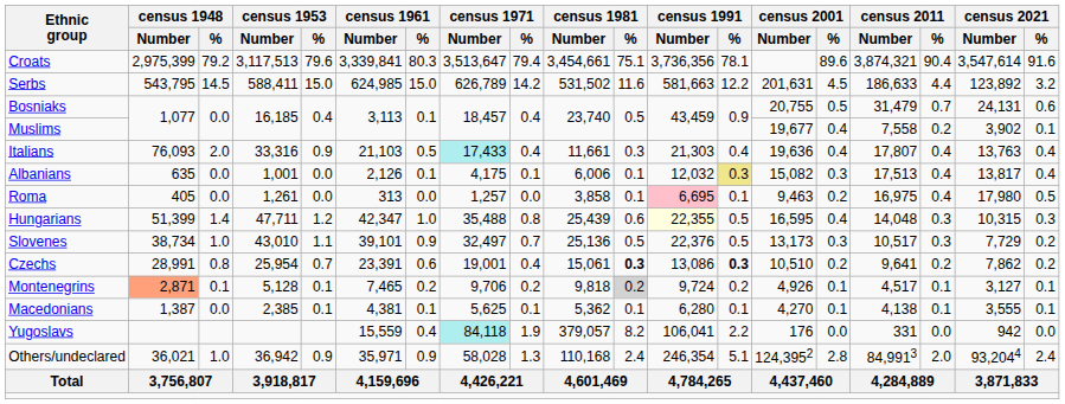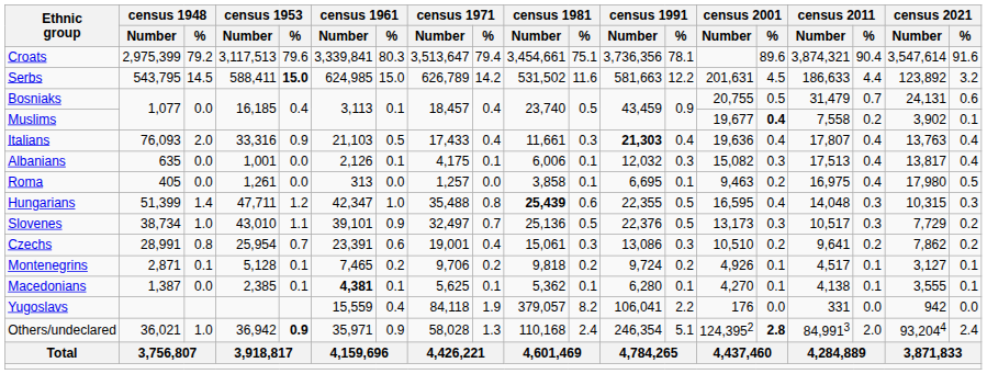 <table class="wikitable">
 <tr bgcolor="#e0e0e0">
 <th rowspan="2">Ethnic<br>group</th>
 <th colspan="2">census 1948</th>
 <th colspan="2">census 1953</th>
 <th colspan="2">census 1961</th>
 <th colspan="2">census 1971</th>
 <th colspan="2">census 1981</th>
 <th colspan="2">census 1991</th>
 <th colspan="2">census 2001</th>
 <th colspan="2">census 2011</th>
 <th colspan="2">census 2021</th>
 </tr>
 <tr bgcolor="#e0e0e0">
 <th>Number</th>
 <th>%</th>
 <th>Number</th>
 <th>%</th>
 <th>Number</th>
 <th>%</th>
 <th>Number</th>
 <th>%</th>
 <th>Number</th>
 <th>%</th>
 <th>Number</th>
 <th>%</th>
 <th>Number</th>
 <th>%</th>
 <th>Number</th>
 <th>%</th>
 <th>Number</th>
 <th>%</th>
 </tr>
 <tr>
 <td><a href='#'>Croats</a></td>
 <td align="right">2,975,399</td>
 <td align="right">79.2</td>
 <td align="right">3,117,513</td>
 <td align="right">79.6</td>
 <td align="right">3,339,841</td>
 <td align="right">80.3</td>
 <td align="right">3,513,647</td>
 <td align="right">79.4</td>
 <td align="right">3,454,661</td>
 <td align="right">75.1</td>
 <td align="right">3,736,356</td>
 <td align="right">78.1</td>
 <td align="right"></td>
 <td align="right">89.6</td>
 <td align="right">3,874,321</td>
 <td align="right">90.4</td>
 <td align="right">3,547,614</td>
 <td align="right">91.6</td>
 </tr>
 <tr>
 <td><a href='#'>Serbs</a></td>
 <td align="right">543,795</td>
 <td align="right">14.5</td>
 <td align="right">588,411</td>
-<td align="right">15.0</td>
+<td align="right"><strong>15.0</strong></td>
 <td align="right">624,985</td>
 <td align="right">15.0</td>
 <td align="right">626,789</td>
 <td align="right">14.2</td>
 <td align="right">531,502</td>
 <td align="right">11.6</td>
 <td align="right">581,663</td>
 <td align="right">12.2</td>
 <td align="right">201,631</td>
 <td align="right">4.5</td>
 <td align="right">186,633</td>
 <td align="right">4.4</td>
 <td align="right">123,892</td>
 <td align="right">3.2</td>
 </tr>
 <tr>
 <td><a href='#'>Bosniaks</a></td>
 <td align="right" rowspan="2">1,077</td>
 <td align="right" rowspan="2">0.0</td>
 <td align="right" rowspan="2">16,185</td>
 <td align="right" rowspan="2">0.4</td>
 <td align="right" rowspan="2">3,113</td>
 <td align="right" rowspan="2">0.1</td>
 <td align="right" rowspan="2">18,457</td>
 <td align="right" rowspan="2">0.4</td>
 <td align="right" rowspan="2">23,740</td>
 <td align="right" rowspan="2">0.5</td>
 <td align="right" rowspan="2">43,459</td>
 <td align="right" rowspan="2">0.9</td>
 <td align="right">20,755</td>
 <td align="right">0.5</td>
 <td align="right">31,479</td>
 <td align="right">0.7</td>
 <td align="right">24,131</td>
 <td align="right">0.6</td>
 </tr>
 <tr>
 <td><a href='#'>Muslims</a></td>
 <td align="right">19,677</td>
-<td align="right">0.4</td>
+<td align="right"><strong>0.4</strong></td>
 <td align="right">7,558</td>
 <td align="right">0.2</td>
 <td align="right">3,902</td>
 <td align="right">0.1</td>
 </tr>
 <tr>
 <td><a href='#'>Italians</a></td>
 <td align="right">76,093</td>
 <td align="right">2.0</td>
 <td align="right">33,316</td>
 <td align="right">0.9</td>
 <td align="right">21,103</td>
 <td align="right">0.5</td>
-<td align="right" style="background: paleturquoise;">17,433</td>
+<td align="right">17,433</td>
 <td align="right">0.4</td>
 <td align="right">11,661</td>
 <td align="right">0.3</td>
-<td align="right">21,303</td>
+<td align="right"><strong>21,303</strong></td>
 <td align="right">0.4</td>
 <td align="right">19,636</td>
 <td align="right">0.4</td>
 <td align="right">17,807</td>
 <td align="right">0.4</td>
 <td align="right">13,763</td>
 <td align="right">0.4</td>
 </tr>
 <tr>
 <td><a href='#'>Albanians</a></td>
 <td align="right">635</td>
 <td align="right">0.0</td>
 <td align="right">1,001</td>
 <td align="right">0.0</td>
 <td align="right">2,126</td>
 <td align="right">0.1</td>
 <td align="right">4,175</td>
 <td align="right">0.1</td>
 <td align="right">6,006</td>
 <td align="right">0.1</td>
 <td align="right">12,032</td>
-<td align="right" style="background: khaki;">0.3</td>
+<td align="right">0.3</td>
 <td align="right">15,082</td>
 <td align="right">0.3</td>
 <td align="right">17,513</td>
 <td align="right">0.4</td>
 <td align="right">13,817</td>
 <td align="right">0.4</td>
 </tr>
 <tr>
 <td><a href='#'>Roma</a></td>
 <td align="right">405</td>
 <td align="right">0.0</td>
 <td align="right">1,261</td>
 <td align="right">0.0</td>
 <td align="right">313</td>
 <td align="right">0.0</td>
 <td align="right">1,257</td>
 <td align="right">0.0</td>
 <td align="right">3,858</td>
 <td align="right">0.1</td>
-<td align="right" style="background: pink;">6,695</td>
+<td align="right">6,695</td>
 <td align="right">0.1</td>
 <td align="right">9,463</td>
 <td align="right">0.2</td>
 <td align="right">16,975</td>
 <td align="right">0.4</td>
 <td align="right">17,980</td>
 <td align="right">0.5</td>
 </tr>
 <tr>
 <td><a href='#'>Hungarians</a></td>
 <td align="right">51,399</td>
 <td align="right">1.4</td>
 <td align="right">47,711</td>
 <td align="right">1.2</td>
 <td align="right">42,347</td>
 <td align="right">1.0</td>
 <td align="right">35,488</td>
 <td align="right">0.8</td>
-<td align="right">25,439</td>
+<td align="right"><strong>25,439</strong></td>
 <td align="right">0.6</td>
-<td align="right" style="background: lightyellow;">22,355</td>
+<td align="right">22,355</td>
 <td align="right">0.5</td>
 <td align="right">16,595</td>
 <td align="right">0.4</td>
 <td align="right">14,048</td>
 <td align="right">0.3</td>
 <td align="right">10,315</td>
 <td align="right">0.3</td>
 </tr>
 <tr>
 <td><a href='#'>Slovenes</a></td>
 <td align="right">38,734</td>
 <td align="right">1.0</td>
 <td align="right">43,010</td>
 <td align="right">1.1</td>
 <td align="right">39,101</td>
 <td align="right">0.9</td>
 <td align="right">32,497</td>
 <td align="right">0.7</td>
 <td align="right">25,136</td>
 <td align="right">0.5</td>
 <td align="right">22,376</td>
 <td align="right">0.5</td>
 <td align="right">13,173</td>
 <td align="right">0.3</td>
 <td align="right">10,517</td>
 <td align="right">0.3</td>
 <td align="right">7,729</td>
 <td align="right">0.2</td>
 </tr>
 <tr>
 <td><a href='#'>Czechs</a></td>
 <td align="right">28,991</td>
 <td align="right">0.8</td>
 <td align="right">25,954</td>
 <td align="right">0.7</td>
 <td align="right">23,391</td>
 <td align="right">0.6</td>
 <td align="right">19,001</td>
 <td align="right">0.4</td>
 <td align="right">15,061</td>
-<td align="right"><strong>0.3</strong></td>
+<td align="right">0.3</td>
 <td align="right">13,086</td>
-<td align="right"><strong>0.3</strong></td>
+<td align="right">0.3</td>
 <td align="right">10,510</td>
 <td align="right">0.2</td>
 <td align="right">9,641</td>
 <td align="right">0.2</td>
 <td align="right">7,862</td>
 <td align="right">0.2</td>
 </tr>
 <tr>
 <td><a href='#'>Montenegrins</a></td>
-<td align="right" style="background: lightsalmon;">2,871</td>
+<td align="right">2,871</td>
 <td align="right">0.1</td>
 <td align="right">5,128</td>
 <td align="right">0.1</td>
 <td align="right">7,465</td>
 <td align="right">0.2</td>
 <td align="right">9,706</td>
 <td align="right">0.2</td>
 <td align="right">9,818</td>
-<td align="right" style="background: lightgrey;">0.2</td>
+<td align="right">0.2</td>
 <td align="right">9,724</td>
 <td align="right">0.2</td>
 <td align="right">4,926</td>
 <td align="right">0.1</td>
 <td align="right">4,517</td>
 <td align="right">0.1</td>
 <td align="right">3,127</td>
 <td align="right">0.1</td>
 </tr>
 <tr>
 <td><a href='#'>Macedonians</a></td>
 <td align="right">1,387</td>
 <td align="right">0.0</td>
 <td align="right">2,385</td>
 <td align="right">0.1</td>
-<td align="right">4,381</td>
+<td align="right"><strong>4,381</strong></td>
 <td align="right">0.1</td>
 <td align="right">5,625</td>
 <td align="right">0.1</td>
 <td align="right">5,362</td>
 <td align="right">0.1</td>
 <td align="right">6,280</td>
 <td align="right">0.1</td>
 <td align="right">4,270</td>
 <td align="right">0.1</td>
 <td align="right">4,138</td>
 <td align="right">0.1</td>
 <td align="right">3,555</td>
 <td align="right">0.1</td>
 </tr>
 <tr>
 <td><a href='#'>Yugoslavs</a></td>
 <td align="right"></td>
 <td align="right"></td>
 <td align="right"></td>
 <td align="right"></td>
 <td align="right">15,559</td>
 <td align="right">0.4</td>
-<td align="right" style="background: paleturquoise;">84,118</td>
+<td align="right">84,118</td>
 <td align="right">1.9</td>
 <td align="right">379,057</td>
 <td align="right">8.2</td>
 <td align="right">106,041</td>
 <td align="right">2.2</td>
 <td align="right">176</td>
 <td align="right">0.0</td>
 <td align="right">331</td>
 <td align="right">0.0</td>
 <td align="right">942</td>
 <td align="right">0.0</td>
 </tr>
 <tr>
 <td>Others/undeclared</td>
 <td align="right">36,021</td>
 <td align="right">1.0</td>
 <td align="right">36,942</td>
-<td align="right">0.9</td>
+<td align="right"><strong>0.9</strong></td>
 <td align="right">35,971</td>
 <td align="right">0.9</td>
 <td align="right">58,028</td>
 <td align="right">1.3</td>
 <td align="right">110,168</td>
 <td align="right">2.4</td>
 <td align="right">246,354</td>
 <td align="right">5.1</td>
 <td align="right">124,395<sup>2</sup></td>
-<td align="right">2.8</td>
+<td align="right"><strong>2.8</strong></td>
 <td align="right">84,991<sup>3</sup></td>
 <td align="right">2.0</td>
 <td align="right">93,204<sup>4</sup></td>
 <td align="right">2.4</td>
 </tr>
 <tr bgcolor="#e0e0e0">
 <th align="left">Total</th>
 <th colspan="2">3,756,807</th>
 <th colspan="2">3,918,817</th>
 <th colspan="2">4,159,696</th>
 <th colspan="2">4,426,221</th>
 <th colspan="2">4,601,469</th>
 <th colspan="2">4,784,265</th>
 <th colspan="2">4,437,460</th>
 <th colspan="2">4,284,889</th>
 <th colspan="2">3,871,833</th>
 </tr>
 <tr>
 <td colspan="19"></td>
 </tr>
 </table>
